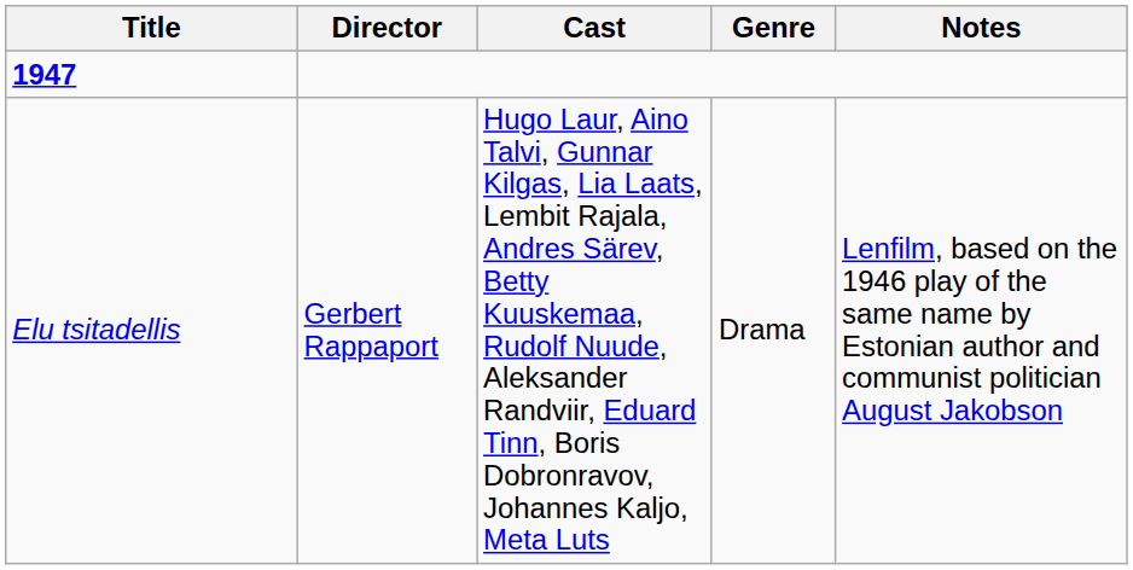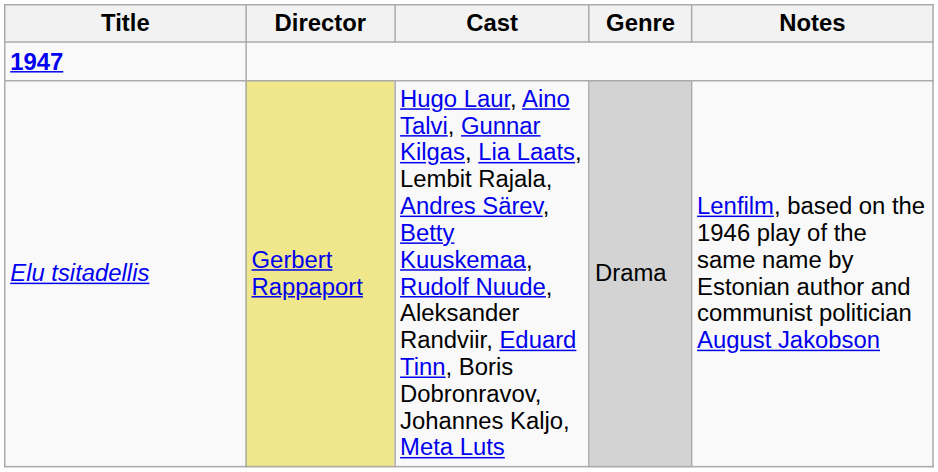 <table class="wikitable" width= "100%">
 <tr>
 <th width=26%>Title</th>
 <th width=16%>Director</th>
 <th width=21%>Cast</th>
 <th width=11%>Genre</th>
 <th width=26%>Notes</th>
 </tr>
 <tr>
 <td><strong><a href='#'>1947</a></strong></td>
 </tr>
 <tr>
 <td><em><a href='#'>Elu tsitadellis</a></em></td>
-<td><a href='#'>Gerbert Rappaport</a></td>
+<td style="background: khaki;"><a href='#'>Gerbert Rappaport</a></td>
 <td><a href='#'>Hugo Laur</a>, <a href='#'>Aino Talvi</a>, <a href='#'>Gunnar Kilgas</a>, <a href='#'>Lia Laats</a>, Lembit Rajala, <a href='#'>Andres Särev</a>, <a href='#'>Betty Kuuskemaa</a>, <a href='#'>Rudolf Nuude</a>, Aleksander Randviir, <a href='#'>Eduard Tinn</a>, Boris Dobronravov, Johannes Kaljo, <a href='#'>Meta Luts</a></td>
-<td>Drama</td>
+<td style="background: lightgrey;">Drama</td>
 <td><a href='#'>Lenfilm</a>, based on the 1946 play of the same name by Estonian author and communist politician <a href='#'>August Jakobson</a></td>
 </tr>
 </table>
